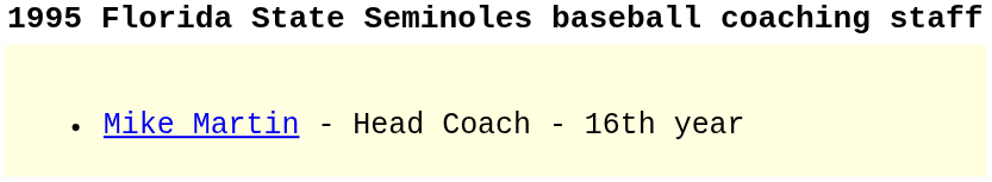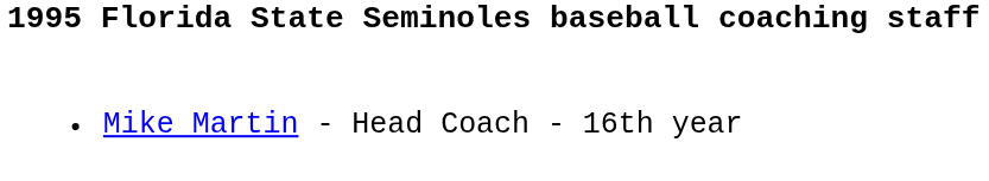 <table class="toccolours">
 <tr>
 <th colspan=9>1995 Florida State Seminoles baseball coaching staff</th>
 </tr>
 <tr>
-<td style="background: lightyellow; text-align: left; font-size: 95%;" valign="top"><br><ul><li><a href='#'>Mike Martin</a> - Head Coach - 16th year</li></ul></td>
+<td style="text-align: left; font-size: 95%;" valign="top"><br><ul><li><a href='#'>Mike Martin</a> - Head Coach - 16th year</li></ul></td>
 </tr>
 </table>
